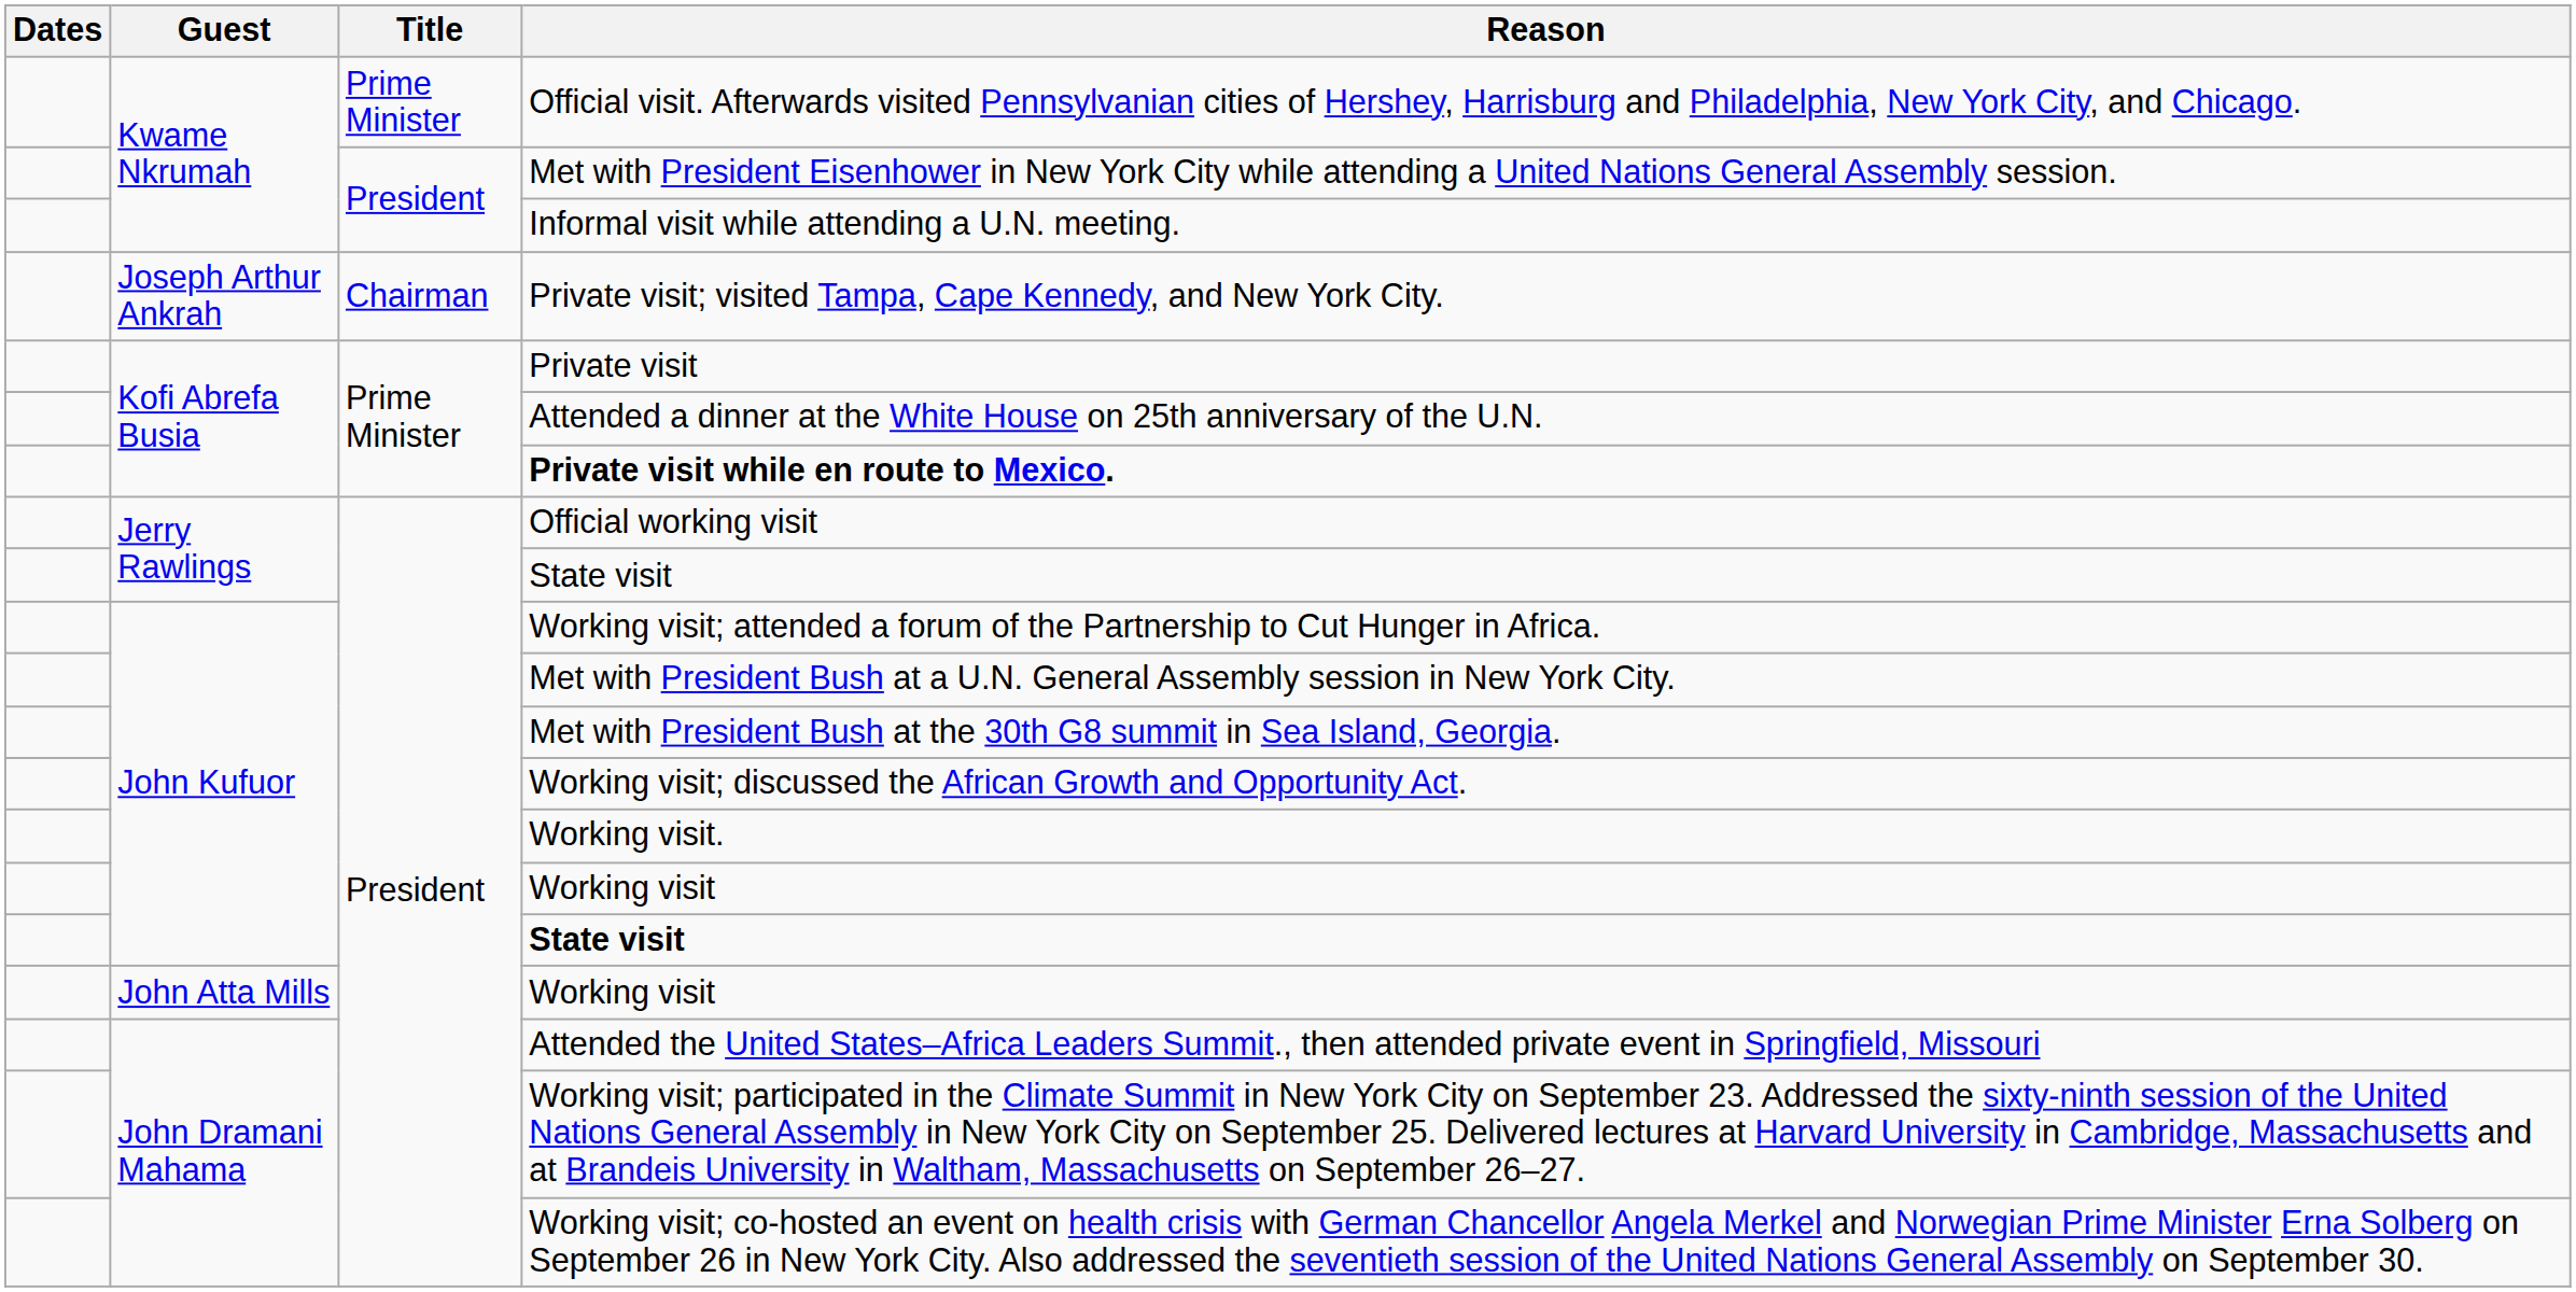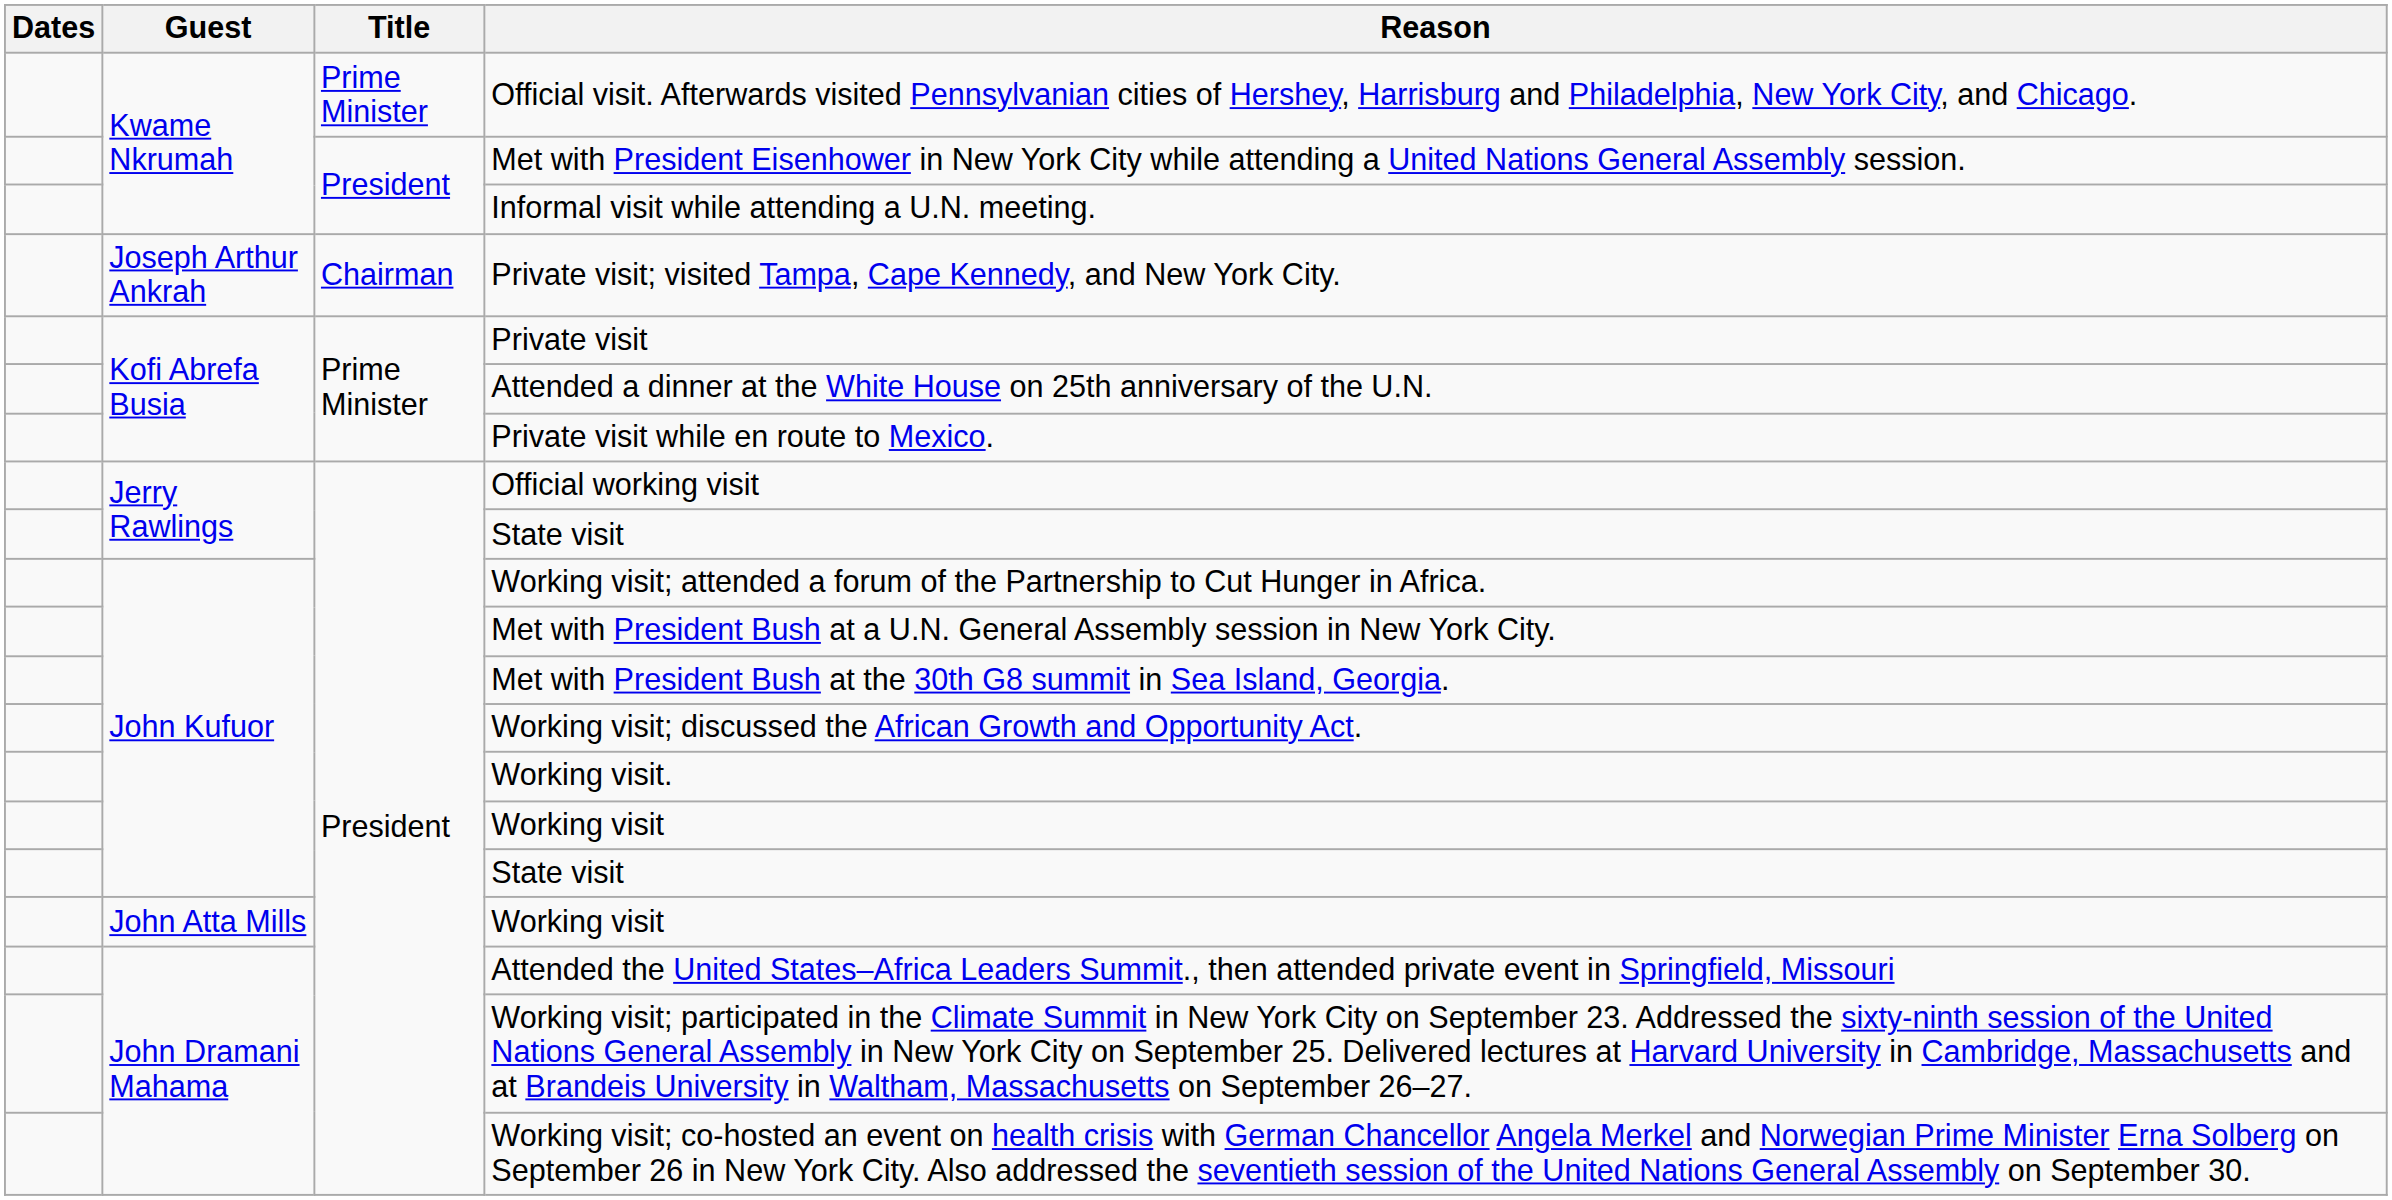 <table class="wikitable sortable">
 <tr>
 <th>Dates</th>
 <th>Guest</th>
 <th>Title</th>
 <th>Reason</th>
 </tr>
 <tr>
 <td></td>
 <td rowspan=3><a href='#'>Kwame Nkrumah</a></td>
 <td><a href='#'>Prime Minister</a></td>
 <td>Official visit. Afterwards visited <a href='#'>Pennsylvanian</a> cities of <a href='#'>Hershey</a>, <a href='#'>Harrisburg</a> and <a href='#'>Philadelphia</a>, <a href='#'>New York City</a>, and <a href='#'>Chicago</a>.</td>
 </tr>
 <tr>
 <td></td>
 <td rowspan=2><a href='#'>President</a></td>
 <td>Met with <a href='#'>President Eisenhower</a> in New York City while attending a <a href='#'>United Nations General Assembly</a> session.</td>
 </tr>
 <tr>
 <td></td>
 <td>Informal visit while attending a U.N. meeting.</td>
 </tr>
 <tr>
 <td></td>
 <td><a href='#'>Joseph Arthur Ankrah</a></td>
 <td><a href='#'>Chairman</a></td>
 <td>Private visit; visited <a href='#'>Tampa</a>, <a href='#'>Cape Kennedy</a>, and New York City.</td>
 </tr>
 <tr>
 <td></td>
 <td rowspan=3><a href='#'>Kofi Abrefa Busia</a></td>
 <td rowspan=3>Prime Minister</td>
 <td>Private visit</td>
 </tr>
 <tr>
 <td></td>
 <td>Attended a dinner at the <a href='#'>White House</a> on 25th anniversary of the U.N.</td>
 </tr>
 <tr>
 <td></td>
-<td><strong>Private visit while en route to <a href='#'>Mexico</a>.</strong></td>
+<td>Private visit while en route to <a href='#'>Mexico</a>.</td>
 </tr>
 <tr>
 <td></td>
 <td rowspan=2><a href='#'>Jerry Rawlings</a></td>
 <td rowspan=13>President</td>
 <td>Official working visit</td>
 </tr>
 <tr>
 <td></td>
 <td>State visit</td>
 </tr>
 <tr>
 <td></td>
 <td rowspan=7><a href='#'>John Kufuor</a></td>
 <td>Working visit; attended a forum of the Partnership to Cut Hunger in Africa.</td>
 </tr>
 <tr>
 <td></td>
 <td>Met with <a href='#'>President Bush</a> at a U.N. General Assembly session in New York City.</td>
 </tr>
 <tr>
 <td></td>
 <td>Met with <a href='#'>President Bush</a> at the <a href='#'>30th G8 summit</a> in <a href='#'>Sea Island, Georgia</a>.</td>
 </tr>
 <tr>
 <td></td>
 <td>Working visit; discussed the <a href='#'>African Growth and Opportunity Act</a>.</td>
 </tr>
 <tr>
 <td></td>
 <td>Working visit.</td>
 </tr>
 <tr>
 <td></td>
 <td>Working visit</td>
 </tr>
 <tr>
 <td></td>
-<td><strong>State visit</strong></td>
+<td>State visit</td>
 </tr>
 <tr>
 <td></td>
 <td><a href='#'>John Atta Mills</a></td>
 <td>Working visit</td>
 </tr>
 <tr>
 <td></td>
 <td rowspan=3><a href='#'>John Dramani Mahama</a></td>
 <td>Attended the <a href='#'>United States–Africa Leaders Summit</a>., then attended private event in <a href='#'>Springfield, Missouri</a></td>
 </tr>
 <tr>
 <td></td>
 <td>Working visit; participated in the <a href='#'>Climate Summit</a> in New York City on September 23. Addressed the <a href='#'>sixty-ninth session of the United Nations General Assembly</a> in New York City on September 25. Delivered lectures at <a href='#'>Harvard University</a> in <a href='#'>Cambridge, Massachusetts</a> and at <a href='#'>Brandeis University</a> in <a href='#'>Waltham, Massachusetts</a> on September 26–27.</td>
 </tr>
 <tr>
 <td></td>
 <td>Working visit; co-hosted an event on <a href='#'>health crisis</a> with <a href='#'>German Chancellor</a> <a href='#'>Angela Merkel</a> and <a href='#'>Norwegian Prime Minister</a> <a href='#'>Erna Solberg</a> on September 26 in New York City. Also addressed the <a href='#'>seventieth session of the United Nations General Assembly</a> on September 30.</td>
 </tr>
 </table>
